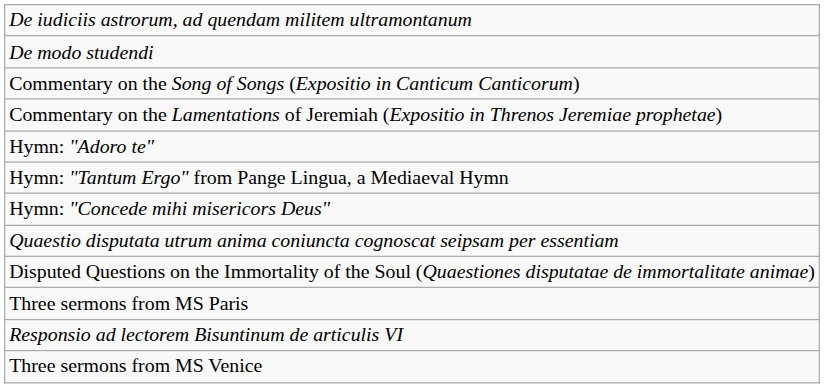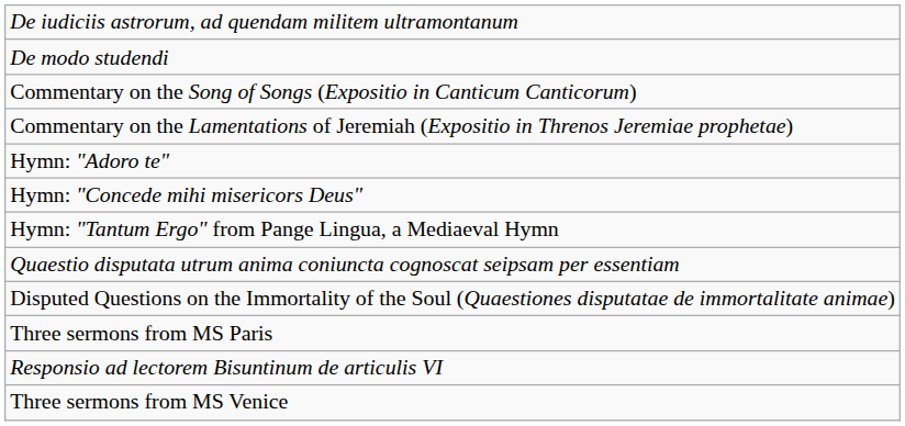 <table class="wikitable">
 <tr>
 <td><em>De iudiciis astrorum, ad quendam militem ultramontanum</em></td>
 </tr>
 <tr>
 <td><em>De modo studendi</em></td>
 </tr>
 <tr>
 <td>Commentary on the <em>Song of Songs</em> (<em>Expositio in Canticum Canticorum</em>)</td>
 </tr>
 <tr>
 <td>Commentary on the <em>Lamentations</em> of Jeremiah (<em>Expositio in Threnos Jeremiae prophetae</em>)</td>
 </tr>
 <tr>
 <td>Hymn: <em>"Adoro te"</em></td>
 </tr>
 <tr>
-<td>Hymn: <em>"Tantum Ergo"</em> from Pange Lingua, a Mediaeval Hymn</td>
+<td>Hymn: <em>"Concede mihi misericors Deus"</em></td>
 </tr>
 <tr>
-<td>Hymn: <em>"Concede mihi misericors Deus"</em></td>
+<td>Hymn: <em>"Tantum Ergo"</em> from Pange Lingua, a Mediaeval Hymn</td>
 </tr>
 <tr>
 <td><em>Quaestio disputata utrum anima coniuncta cognoscat seipsam per essentiam</em></td>
 </tr>
 <tr>
 <td>Disputed Questions on the Immortality of the Soul (<em>Quaestiones disputatae de immortalitate animae</em>)</td>
 </tr>
 <tr>
 <td>Three sermons from MS Paris</td>
 </tr>
 <tr>
 <td><em>Responsio ad lectorem Bisuntinum de articulis VI</em></td>
 </tr>
 <tr>
 <td>Three sermons from MS Venice</td>
 </tr>
 </table>
